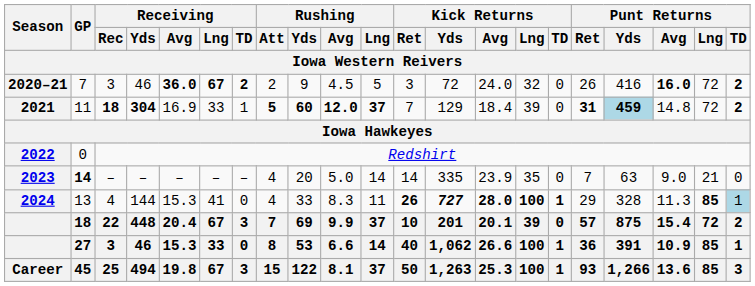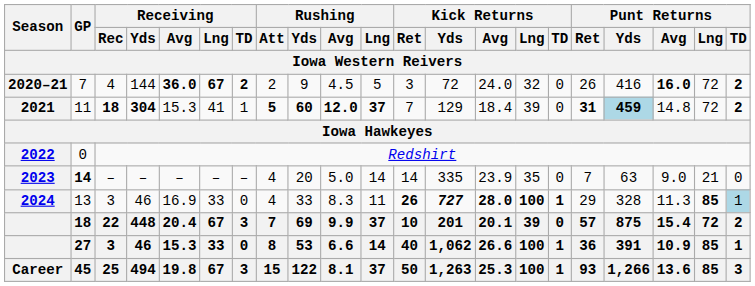 <table class="wikitable" style="text-align:center;">
 <tr>
 <th rowspan="2">Season</th>
 <th rowspan="2">GP</th>
 <th colspan="5">Receiving</th>
 <th colspan="4">Rushing</th>
 <th colspan="5">Kick Returns</th>
 <th colspan="5">Punt Returns</th>
 </tr>
 <tr>
 <th>Rec</th>
 <th>Yds</th>
 <th>Avg</th>
 <th>Lng</th>
 <th>TD</th>
 <th>Att</th>
 <th>Yds</th>
 <th>Avg</th>
 <th>Lng</th>
 <th>Ret</th>
 <th>Yds</th>
 <th>Avg</th>
 <th>Lng</th>
 <th>TD</th>
 <th>Ret</th>
 <th>Yds</th>
 <th>Avg</th>
 <th>Lng</th>
 <th>TD</th>
 </tr>
 <tr>
 <th colspan="22">Iowa Western Reivers</th>
 </tr>
 <tr>
 <th>2020–21</th>
 <td>7</td>
-<td>3</td>
-<td>46</td>
+<td>4</td>
+<td>144</td>
 <td><strong>36.0</strong></td>
 <td><strong>67</strong></td>
 <td><strong>2</strong></td>
 <td>2</td>
 <td>9</td>
 <td>4.5</td>
 <td>5</td>
 <td>3</td>
 <td>72</td>
 <td>24.0</td>
 <td>32</td>
 <td>0</td>
 <td>26</td>
 <td>416</td>
 <td><strong>16.0</strong></td>
 <td>72</td>
 <td><strong>2</strong></td>
 </tr>
 <tr>
 <th>2021</th>
 <td>11</td>
 <td><strong>18</strong></td>
 <td><strong>304</strong></td>
-<td>16.9</td>
-<td>33</td>
+<td>15.3</td>
+<td>41</td>
 <td>1</td>
 <td><strong>5</strong></td>
 <td><strong>60</strong></td>
 <td><strong>12.0</strong></td>
 <td><strong>37</strong></td>
 <td>7</td>
 <td>129</td>
 <td>18.4</td>
 <td>39</td>
 <td>0</td>
 <td><strong>31</strong></td>
 <td style="background: lightblue;"><strong>459</strong></td>
 <td>14.8</td>
 <td>72</td>
 <td><strong>2</strong></td>
 </tr>
 <tr>
 <th colspan="22">Iowa Hawkeyes</th>
 </tr>
 <tr>
 <th><a href='#'>2022</a></th>
 <td>0</td>
 <td colspan="19"> <em><a href='#'>Redshirt</a></em></td>
 </tr>
 <tr>
 <th><a href='#'>2023</a></th>
 <td><strong>14</strong></td>
 <td>–</td>
 <td>–</td>
 <td>–</td>
 <td>–</td>
 <td>–</td>
 <td>4</td>
 <td>20</td>
 <td>5.0</td>
 <td>14</td>
 <td>14</td>
 <td>335</td>
 <td>23.9</td>
 <td>35</td>
 <td>0</td>
 <td>7</td>
 <td>63</td>
 <td>9.0</td>
 <td>21</td>
 <td>0</td>
 </tr>
 <tr>
 <th><a href='#'>2024</a></th>
 <td>13</td>
-<td>4</td>
-<td>144</td>
-<td>15.3</td>
-<td>41</td>
+<td>3</td>
+<td>46</td>
+<td>16.9</td>
+<td>33</td>
 <td>0</td>
 <td>4</td>
 <td>33</td>
 <td>8.3</td>
 <td>11</td>
 <td><strong>26</strong></td>
 <td><strong><em>727</em></strong></td>
 <td><strong>28.0</strong></td>
 <td><strong>100</strong></td>
 <td><strong>1</strong></td>
 <td>29</td>
 <td>328</td>
 <td>11.3</td>
 <td><strong>85</strong></td>
 <td style="background: lightblue;">1</td>
 </tr>
 <tr>
 <th></th>
 <th>18</th>
 <th>22</th>
 <th>448</th>
 <th>20.4</th>
 <th>67</th>
 <th>3</th>
 <th>7</th>
 <th>69</th>
 <th>9.9</th>
 <th>37</th>
 <th>10</th>
 <th>201</th>
 <th>20.1</th>
 <th>39</th>
 <th>0</th>
 <th>57</th>
 <th>875</th>
 <th>15.4</th>
 <th>72</th>
 <th>2</th>
 </tr>
 <tr>
 <th></th>
 <th>27</th>
 <th>3</th>
 <th>46</th>
 <th>15.3</th>
 <th>33</th>
 <th>0</th>
 <th>8</th>
 <th>53</th>
 <th>6.6</th>
 <th>14</th>
 <th>40</th>
 <th>1,062</th>
 <th>26.6</th>
 <th>100</th>
 <th>1</th>
 <th>36</th>
 <th>391</th>
 <th>10.9</th>
 <th>85</th>
 <th>1</th>
 </tr>
 <tr>
 <th>Career</th>
 <th>45</th>
 <th>25</th>
 <th>494</th>
 <th>19.8</th>
 <th>67</th>
 <th>3</th>
 <th>15</th>
 <th>122</th>
 <th>8.1</th>
 <th>37</th>
 <th>50</th>
 <th>1,263</th>
 <th>25.3</th>
 <th>100</th>
 <th>1</th>
 <th>93</th>
 <th>1,266</th>
 <th>13.6</th>
 <th>85</th>
 <th>3</th>
 </tr>
 </table>
